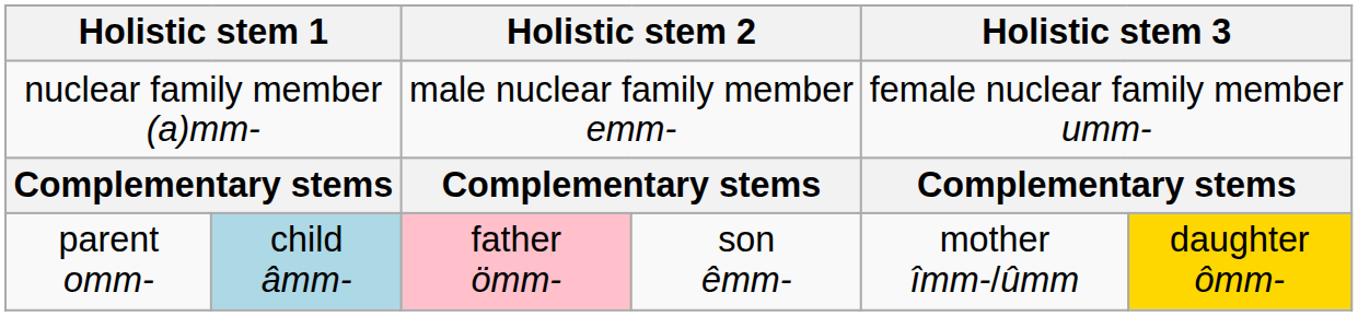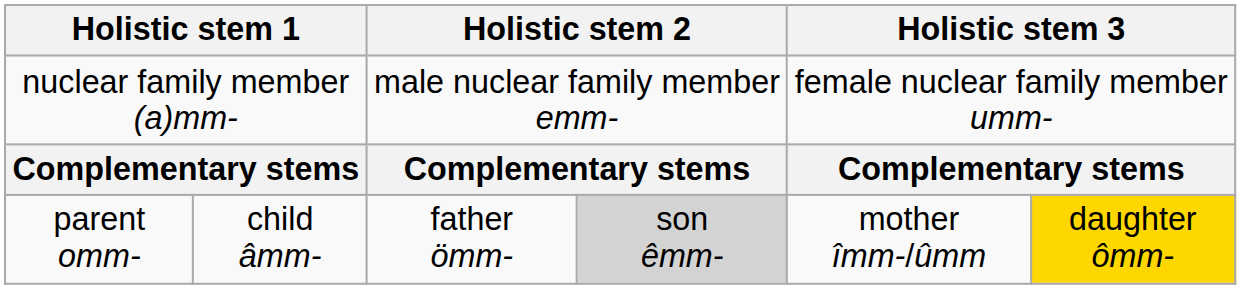 <table class="wikitable" style="text-align:center">
 <tr>
 <th colspan="2">Holistic stem 1</th>
 <th colspan="2">Holistic stem 2</th>
 <th colspan="2">Holistic stem 3</th>
 </tr>
 <tr>
 <td colspan="2">nuclear family member<br><em>(a)mm-</em></td>
 <td colspan="2">male nuclear family member<br><em>emm-</em></td>
 <td colspan="2">female nuclear family member<br><em>umm-</em></td>
 </tr>
 <tr>
 <th colspan="2">Complementary stems</th>
 <th colspan="2">Complementary stems</th>
 <th colspan="2">Complementary stems</th>
 </tr>
 <tr>
 <td>parent<br><em>omm-</em></td>
-<td style="background: lightblue;">child<br><em>âmm-</em></td>
-<td style="background: pink;">father<br><em>ömm-</em></td>
-<td>son<br><em>êmm-</em></td>
+<td>child<br><em>âmm-</em></td>
+<td>father<br><em>ömm-</em></td>
+<td style="background: lightgrey;">son<br><em>êmm-</em></td>
 <td>mother<br><em>îmm-</em>/<em>ûmm</em></td>
 <td style="background: gold;">daughter<br><em>ômm-</em></td>
 </tr>
 </table>
